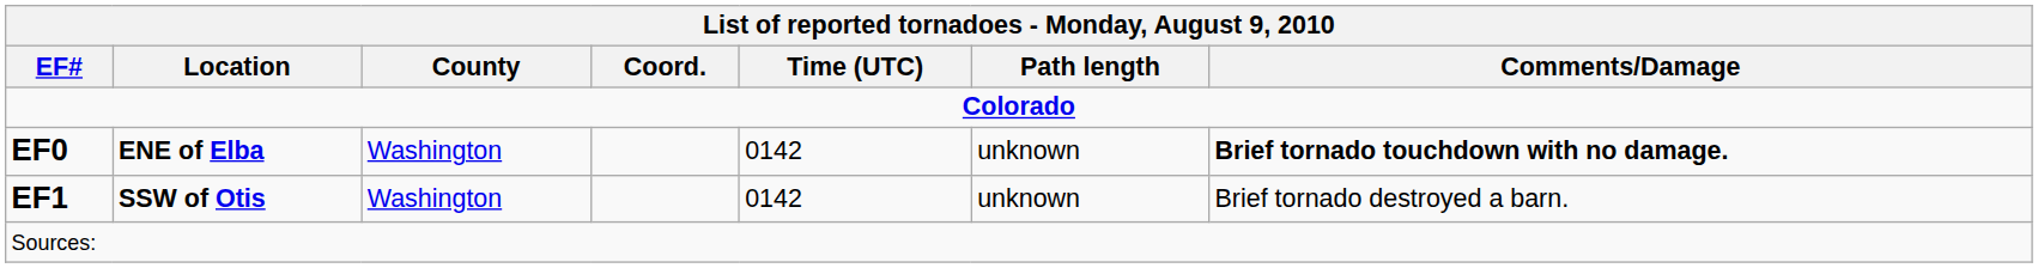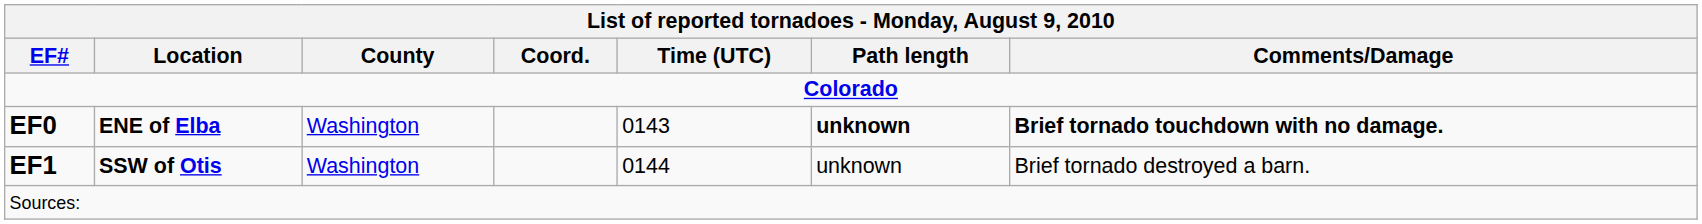 <table class="wikitable collapsible" width="100%">
 <tr>
 <th colspan="7">List of reported tornadoes - Monday, August 9, 2010</th>
 </tr>
 <tr>
 <th><a href='#'>EF#</a></th>
 <th>Location</th>
 <th>County</th>
 <th>Coord.</th>
 <th>Time (UTC)</th>
 <th>Path length</th>
 <th>Comments/Damage</th>
 </tr>
 <tr>
 <td colspan="7" align=center><strong><a href='#'>Colorado</a></strong></td>
 </tr>
 <tr>
 <td><big><strong>EF0</strong></big></td>
 <td><strong>ENE of <a href='#'>Elba</a></strong></td>
 <td><a href='#'>Washington</a></td>
 <td></td>
-<td>0142</td>
-<td>unknown</td>
+<td>0143</td>
+<td><strong>unknown</strong></td>
 <td><strong>Brief tornado touchdown with no damage.</strong></td>
 </tr>
 <tr>
 <td><big><strong>EF1</strong></big></td>
 <td><strong>SSW of <a href='#'>Otis</a></strong></td>
 <td><a href='#'>Washington</a></td>
 <td></td>
-<td>0142</td>
+<td>0144</td>
 <td>unknown</td>
 <td>Brief tornado destroyed a barn.</td>
 </tr>
 <tr>
 <td colspan="7"><small>Sources:<br></small></td>
 </tr>
 </table>
